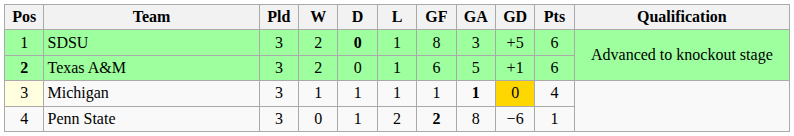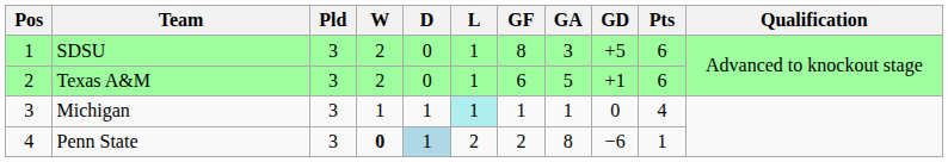 <table class="wikitable" style="text-align:center; margin: 1em auto">
 <tr>
 <th style="width:2em">Pos</th>
 <th style="width:13em">Team</th>
 <th style="width:2em">Pld</th>
 <th style="width:2em">W</th>
 <th style="width:2em">D</th>
 <th style="width:2em">L</th>
 <th style="width:2em">GF</th>
 <th style="width:2em">GA</th>
 <th style="width:2em">GD</th>
 <th style="width:2em">Pts</th>
 <th style="width:13em">Qualification</th>
 </tr>
 <tr bgcolor="#9eff9e">
 <td>1</td>
 <td style="text-align:left">SDSU</td>
 <td>3</td>
 <td>2</td>
-<td><strong>0</strong></td>
+<td>0</td>
 <td>1</td>
 <td>8</td>
 <td>3</td>
 <td>+5</td>
 <td>6</td>
 <td rowspan="2">Advanced to knockout stage</td>
 </tr>
 <tr bgcolor="#9eff9e">
-<td><strong>2</strong></td>
+<td>2</td>
 <td style="text-align:left">Texas A&M</td>
 <td>3</td>
 <td>2</td>
 <td>0</td>
 <td>1</td>
 <td>6</td>
 <td>5</td>
 <td>+1</td>
 <td>6</td>
 </tr>
 <tr>
-<td style="background: lightyellow;">3</td>
+<td>3</td>
 <td style="text-align:left">Michigan</td>
 <td>3</td>
 <td>1</td>
 <td>1</td>
+<td style="background: paleturquoise;">1</td>
 <td>1</td>
 <td>1</td>
-<td><strong>1</strong></td>
-<td style="background: gold;">0</td>
+<td>0</td>
 <td>4</td>
 </tr>
 <tr>
 <td>4</td>
 <td style="text-align:left">Penn State</td>
 <td>3</td>
-<td>0</td>
-<td>1</td>
+<td><strong>0</strong></td>
+<td style="background: lightblue;">1</td>
 <td>2</td>
-<td><strong>2</strong></td>
+<td>2</td>
 <td>8</td>
 <td>−6</td>
 <td>1</td>
 </tr>
 </table>
